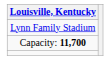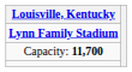 <table class="wikitable" style="text-align:center; margin-left:auto; margin-right:auto; border:none;">
 <tr>
 <th><a href='#'>Louisville, Kentucky</a></th>
 <th rowspan="4"><br></th>
 </tr>
 <tr>
-<td><a href='#'>Lynn Family Stadium</a></td>
+<td><strong><a href='#'>Lynn Family Stadium</a></strong></td>
 </tr>
 <tr>
 <td>Capacity: <strong>11,700</strong></td>
 </tr>
 <tr>
 <td></td>
 </tr>
 <tr>
 </tr>
 </table>
